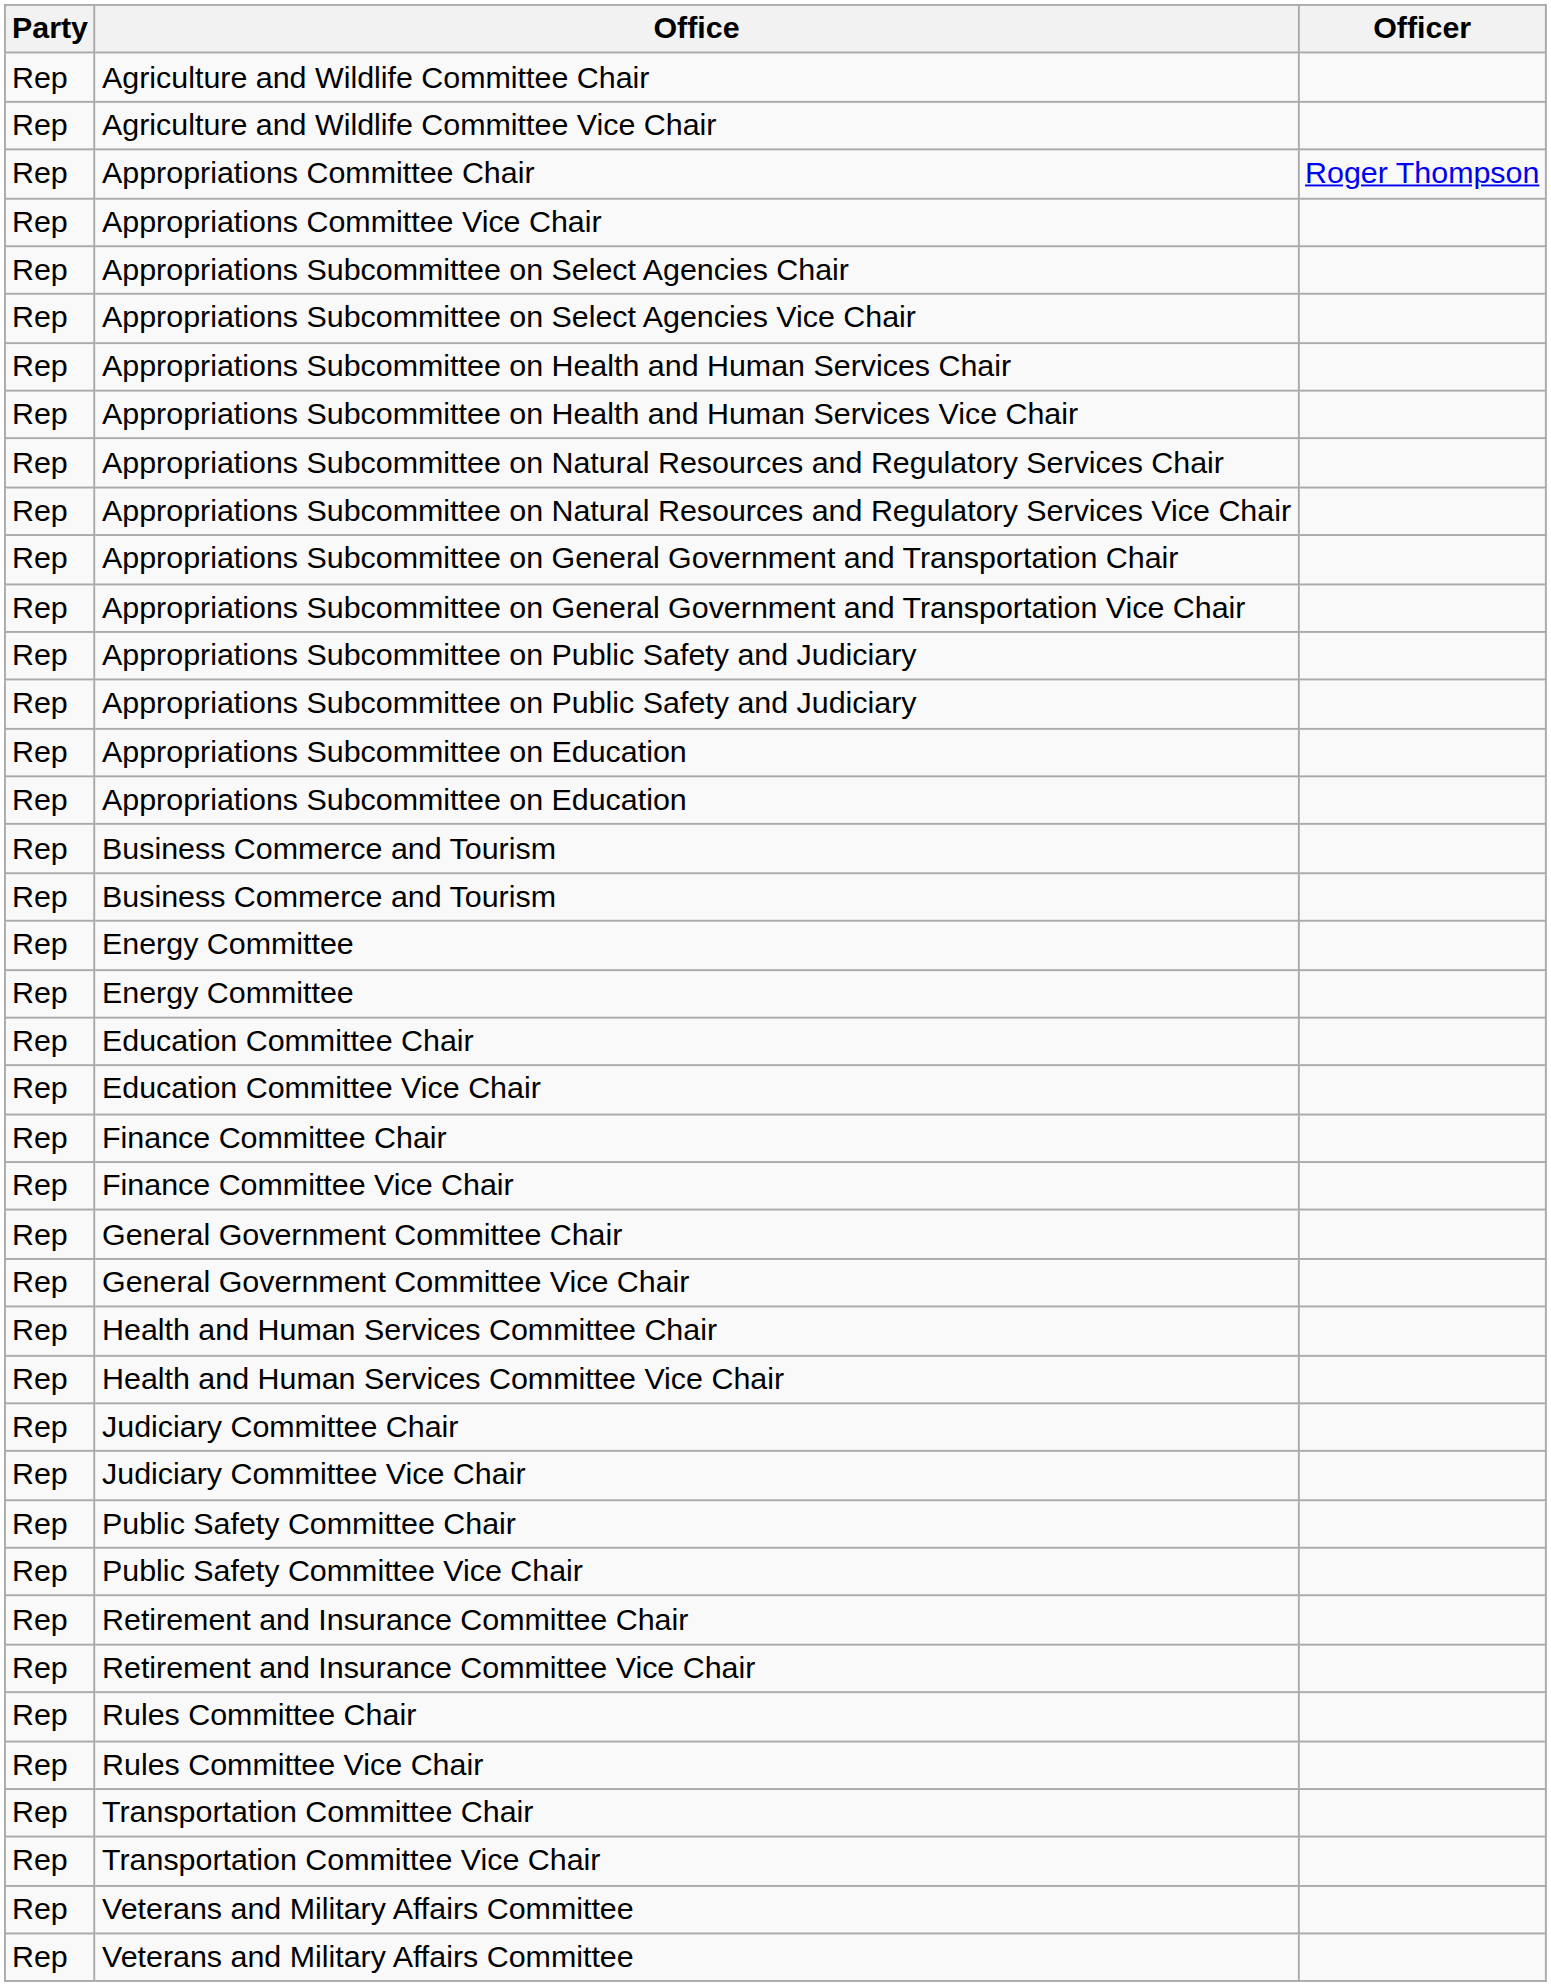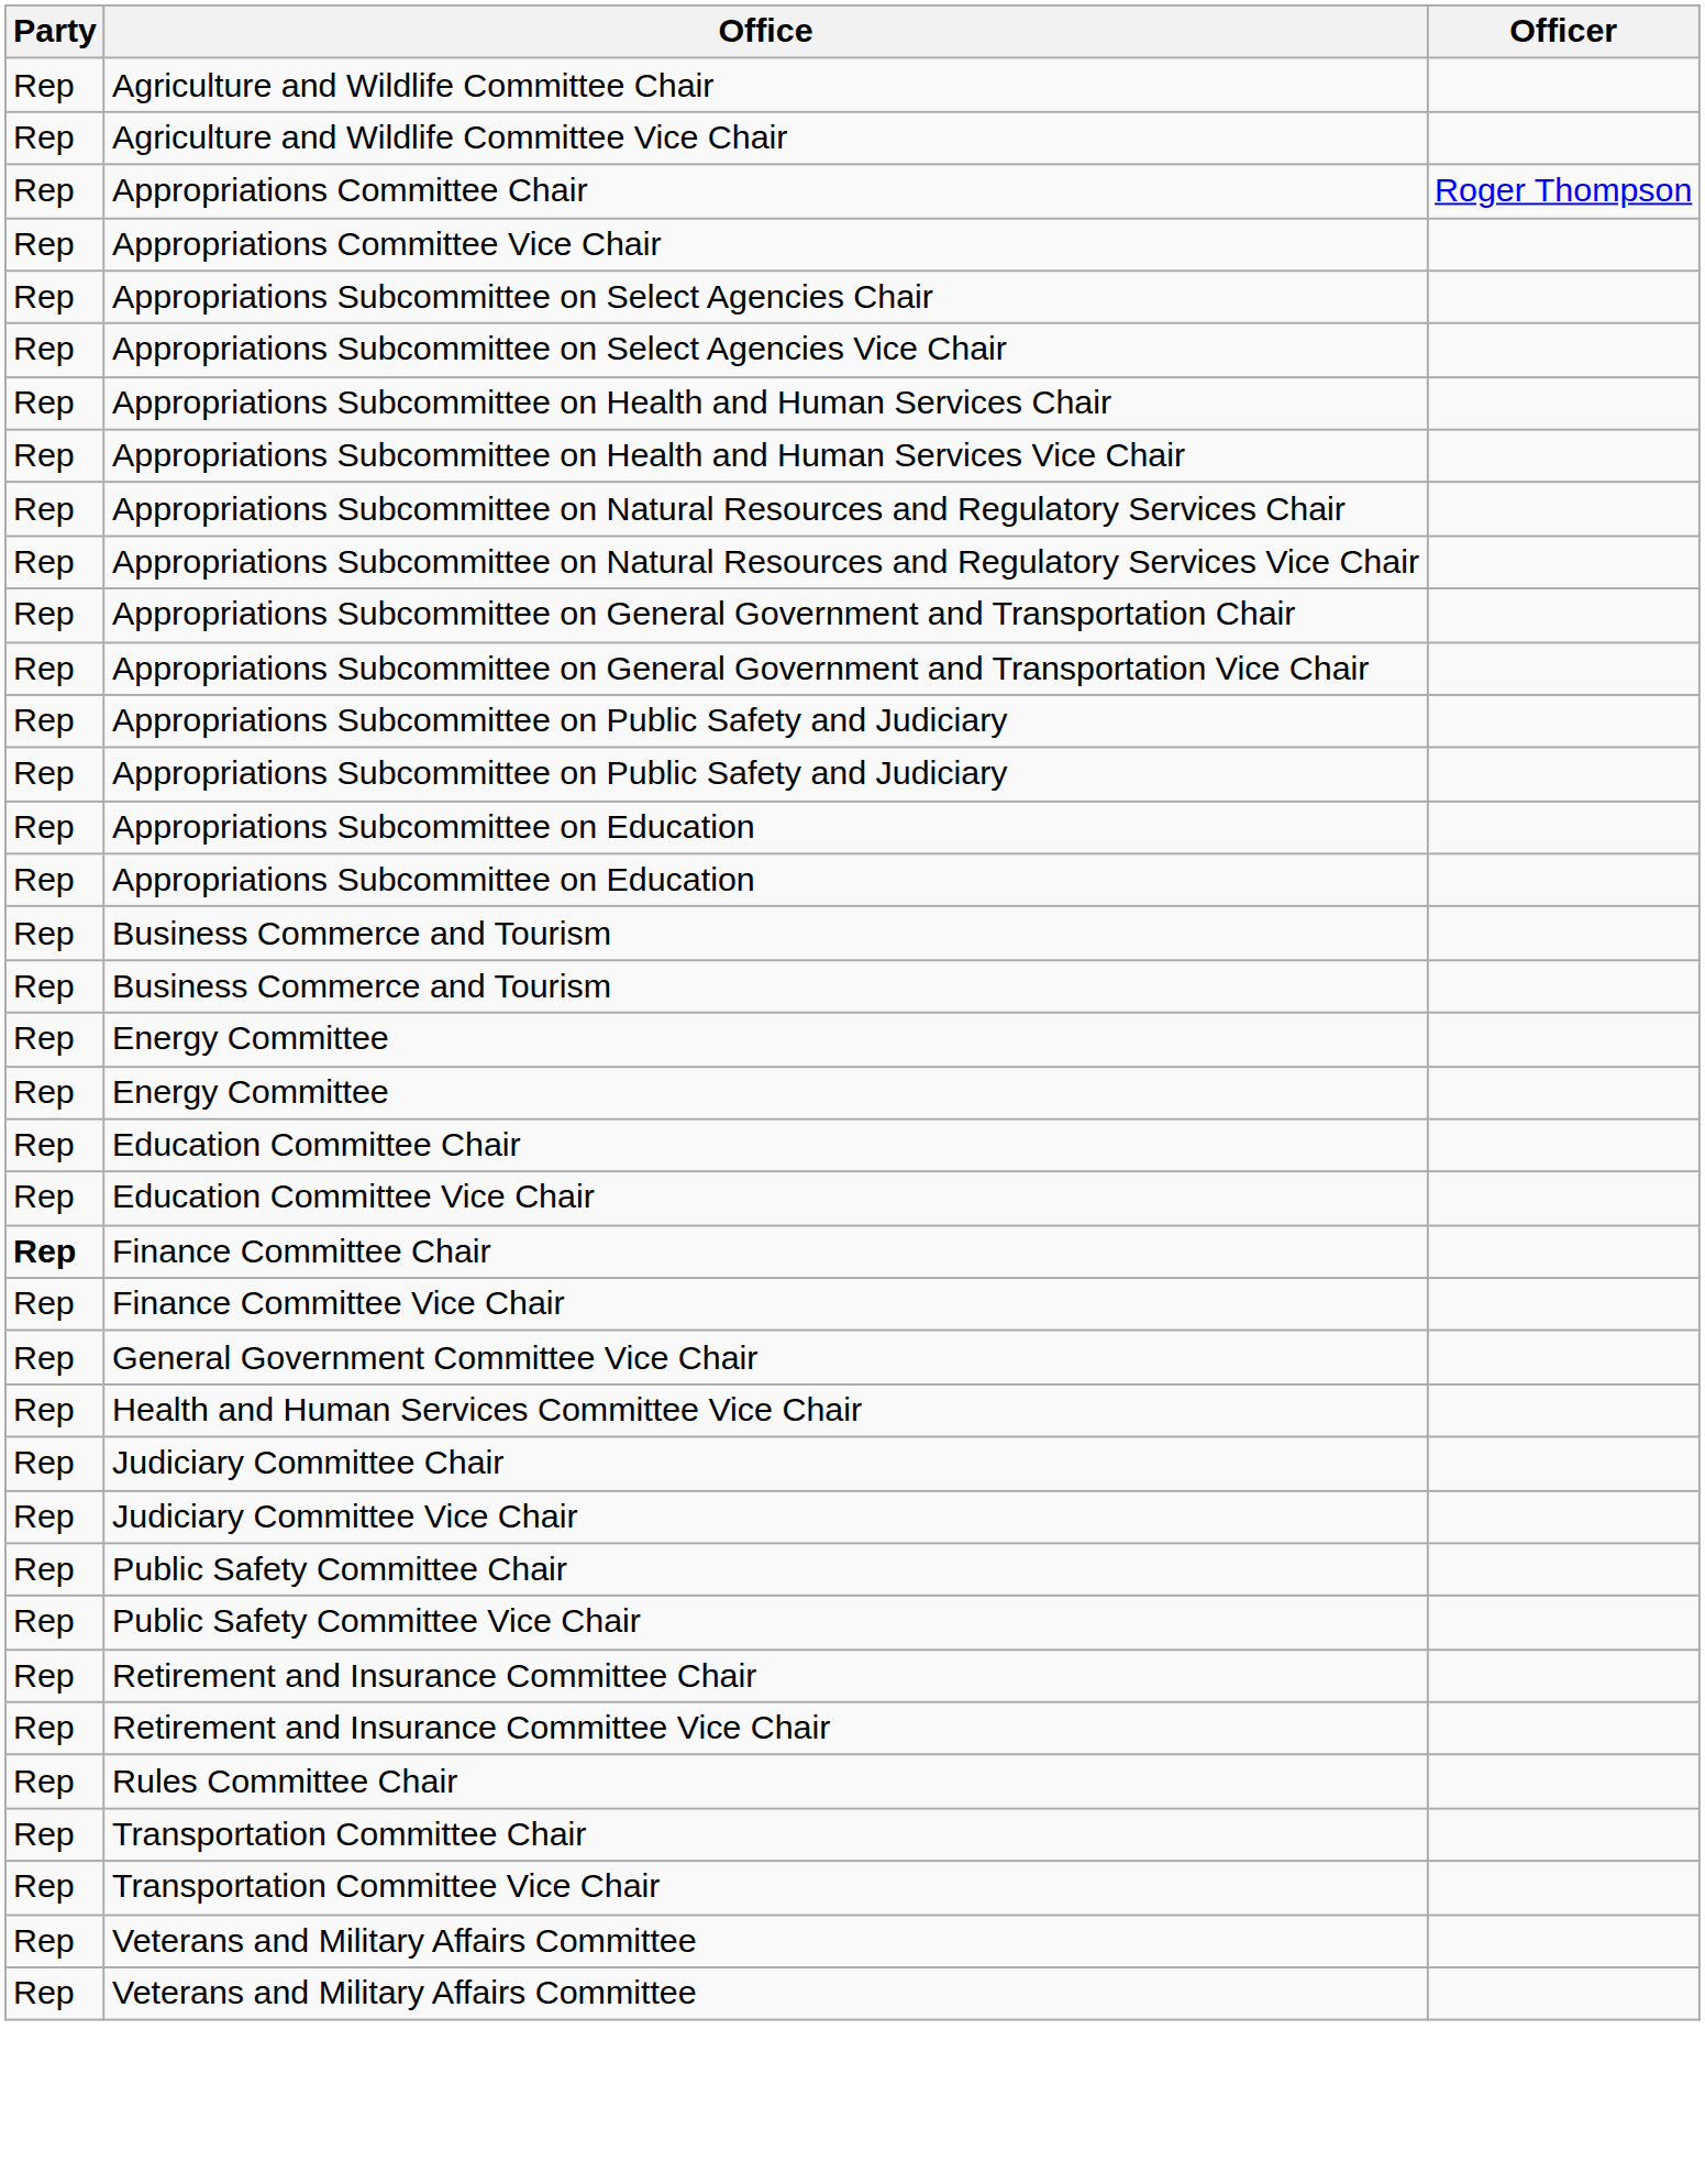 <table class=wikitable>
 <tr>
 <th>Party</th>
 <th>Office</th>
 <th>Officer</th>
 </tr>
 <tr>
 <td style="background: ">Rep</td>
 <td>Agriculture and Wildlife Committee Chair</td>
 <td></td>
 </tr>
 <tr>
 <td style="background: ">Rep</td>
 <td>Agriculture and Wildlife Committee Vice Chair</td>
 <td></td>
 </tr>
 <tr>
 <td style="background: ">Rep</td>
 <td>Appropriations Committee Chair</td>
 <td><a href='#'>Roger Thompson</a></td>
 </tr>
 <tr>
 <td style="background: ">Rep</td>
 <td>Appropriations Committee Vice Chair</td>
 <td></td>
 </tr>
 <tr>
 <td style="background: ">Rep</td>
 <td>Appropriations Subcommittee on Select Agencies Chair</td>
 <td></td>
 </tr>
 <tr>
 <td style="background: ">Rep</td>
 <td>Appropriations Subcommittee on Select Agencies Vice Chair</td>
 <td></td>
 </tr>
 <tr>
 <td style="background: ">Rep</td>
 <td>Appropriations Subcommittee on Health and Human Services Chair</td>
 <td></td>
 </tr>
 <tr>
 <td style="background: ">Rep</td>
 <td>Appropriations Subcommittee on Health and Human Services Vice Chair</td>
 <td></td>
 </tr>
 <tr>
 <td style="background: ">Rep</td>
 <td>Appropriations Subcommittee on Natural Resources and Regulatory Services Chair</td>
 <td></td>
 </tr>
 <tr>
 <td style="background: ">Rep</td>
 <td>Appropriations Subcommittee on Natural Resources and Regulatory Services Vice Chair</td>
 <td></td>
 </tr>
 <tr>
 <td style="background: ">Rep</td>
 <td>Appropriations Subcommittee on General Government and Transportation Chair</td>
 <td></td>
 </tr>
 <tr>
 <td style="background: ">Rep</td>
 <td>Appropriations Subcommittee on General Government and Transportation Vice Chair</td>
 <td></td>
 </tr>
 <tr>
 <td style="background: ">Rep</td>
 <td>Appropriations Subcommittee on Public Safety and Judiciary</td>
 <td></td>
 </tr>
 <tr>
 <td style="background: ">Rep</td>
 <td>Appropriations Subcommittee on Public Safety and Judiciary</td>
 <td></td>
 </tr>
 <tr>
 <td style="background: ">Rep</td>
 <td>Appropriations Subcommittee on Education</td>
 <td></td>
 </tr>
 <tr>
 <td style="background: ">Rep</td>
 <td>Appropriations Subcommittee on Education</td>
 <td></td>
 </tr>
 <tr>
 <td style="background: ">Rep</td>
 <td>Business Commerce and Tourism</td>
 <td></td>
 </tr>
 <tr>
 <td style="background: ">Rep</td>
 <td>Business Commerce and Tourism</td>
 <td></td>
 </tr>
 <tr>
 <td style="background: ">Rep</td>
 <td>Energy Committee</td>
 <td></td>
 </tr>
 <tr>
 <td style="background: ">Rep</td>
 <td>Energy Committee</td>
 <td></td>
 </tr>
 <tr>
 <td style="background: ">Rep</td>
 <td>Education Committee Chair</td>
 <td></td>
 </tr>
 <tr>
 <td style="background: ">Rep</td>
 <td>Education Committee Vice Chair</td>
 <td></td>
 </tr>
 <tr>
-<td style="background: ">Rep</td>
+<td style="background: "><strong>Rep</strong></td>
 <td>Finance Committee Chair</td>
 <td></td>
 </tr>
 <tr>
 <td style="background: ">Rep</td>
 <td>Finance Committee Vice Chair</td>
 <td></td>
 </tr>
 <tr>
 <td style="background: ">Rep</td>
-<td>General Government Committee Chair</td>
-<td></td>
-</tr>
-<tr>
-<td style="background: ">Rep</td>
 <td>General Government Committee Vice Chair</td>
-<td></td>
-</tr>
-<tr>
-<td style="background: ">Rep</td>
-<td>Health and Human Services Committee Chair</td>
 <td></td>
 </tr>
 <tr>
 <td style="background: ">Rep</td>
 <td>Health and Human Services Committee Vice Chair</td>
 <td></td>
 </tr>
 <tr>
 <td style="background: ">Rep</td>
 <td>Judiciary Committee Chair</td>
 <td></td>
 </tr>
 <tr>
 <td style="background: ">Rep</td>
 <td>Judiciary Committee Vice Chair</td>
 <td></td>
 </tr>
 <tr>
 <td style="background: ">Rep</td>
 <td>Public Safety Committee Chair</td>
 <td></td>
 </tr>
 <tr>
 <td style="background: ">Rep</td>
 <td>Public Safety Committee Vice Chair</td>
 <td></td>
 </tr>
 <tr>
 <td style="background: ">Rep</td>
 <td>Retirement and Insurance Committee Chair</td>
 <td></td>
 </tr>
 <tr>
 <td style="background: ">Rep</td>
 <td>Retirement and Insurance Committee Vice Chair</td>
 <td></td>
 </tr>
 <tr>
 <td style="background: ">Rep</td>
 <td>Rules Committee Chair</td>
 <td></td>
 </tr>
 <tr>
 <td style="background: ">Rep</td>
-<td>Rules Committee Vice Chair</td>
-<td></td>
-</tr>
-<tr>
-<td style="background: ">Rep</td>
 <td>Transportation Committee Chair</td>
 <td></td>
 </tr>
 <tr>
 <td style="background: ">Rep</td>
 <td>Transportation Committee Vice Chair</td>
 <td></td>
 </tr>
 <tr>
 <td style="background: ">Rep</td>
 <td>Veterans and Military Affairs Committee</td>
 <td></td>
 </tr>
 <tr>
 <td style="background: ">Rep</td>
 <td>Veterans and Military Affairs Committee</td>
 <td></td>
 </tr>
 </table>
